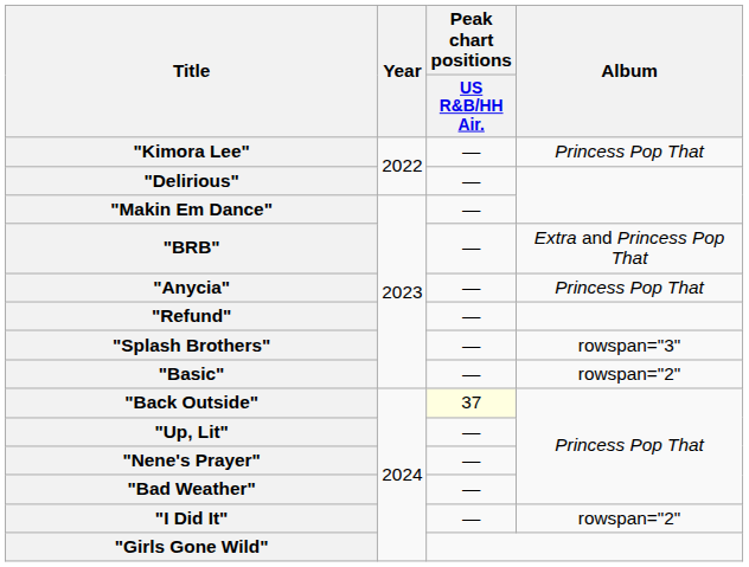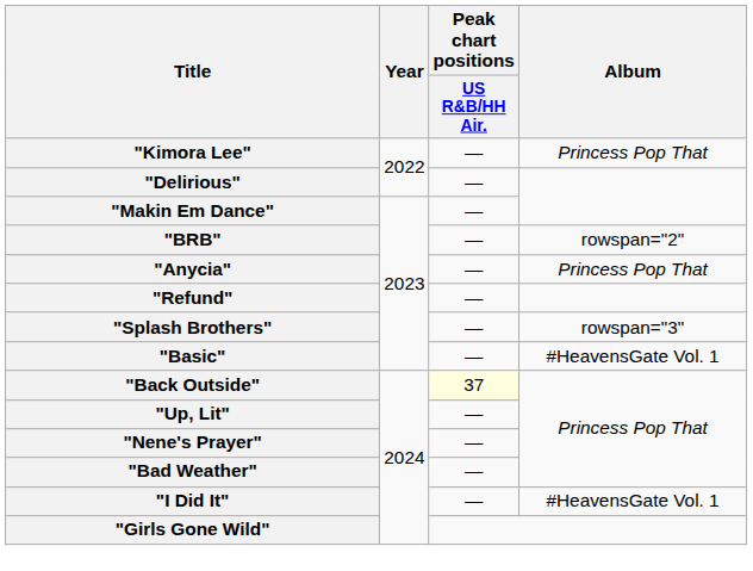 <table class="wikitable plainrowheaders" style="text-align:center;">
 <tr>
 <th scope="col" rowspan="2" style="width:20em;">Title</th>
 <th scope="col" rowspan="2">Year</th>
 <th scope="col" colspan="1">Peak chart positions</th>
 <th scope="col" rowspan="2" style="width:12em;">Album</th>
 </tr>
 <tr>
 <th scope="col" style="width:2.9em;font-size:90%;"><a href='#'>US<br>R&B/HH<br>Air.</a><br></th>
 </tr>
 <tr>
 <th scope="row">"Kimora Lee"</th>
 <td rowspan="2">2022</td>
 <td>—</td>
 <td><em>Princess Pop That</em></td>
 </tr>
 <tr>
 <th scope="row">"Delirious"</th>
 <td>—</td>
 </tr>
 <tr>
 <th scope="row">"Makin Em Dance"</th>
 <td rowspan="6">2023</td>
 <td>—</td>
 </tr>
 <tr>
 <th scope="row">"BRB"</th>
 <td>—</td>
-<td><em>Extra</em> and <em>Princess Pop That</em></td>
+<td>rowspan="2" </td>
 </tr>
 <tr>
 <th scope="row">"Anycia"</th>
 <td>—</td>
 <td><em>Princess Pop That</em></td>
 </tr>
 <tr>
 <th scope="row">"Refund"</th>
 <td>—</td>
 </tr>
 <tr>
 <th scope="row">"Splash Brothers"<br></th>
 <td>—</td>
 <td>rowspan="3" </td>
 </tr>
 <tr>
 <th scope="row">"Basic"<br></th>
 <td>—</td>
-<td>rowspan="2" </td>
+<td>#HeavensGate Vol. 1</td>
 </tr>
 <tr>
 <th scope="row">"Back Outside"<br></th>
 <td rowspan="6">2024</td>
 <td style="background: lightyellow;">37</td>
 <td rowspan="4"><em>Princess Pop That</em></td>
 </tr>
 <tr>
 <th scope="row">"Up, Lit"</th>
 <td>—</td>
 </tr>
 <tr>
 <th scope="row">"Nene's Prayer"</th>
 <td>—</td>
 </tr>
 <tr>
 <th scope="row">"Bad Weather"</th>
 <td>—</td>
 </tr>
 <tr>
 <th scope="row">"I Did It"<br></th>
 <td>—</td>
-<td>rowspan="2" </td>
+<td>#HeavensGate Vol. 1</td>
 </tr>
 <tr>
 <th scope="row">"Girls Gone Wild"</th>
 </tr>
 </table>
